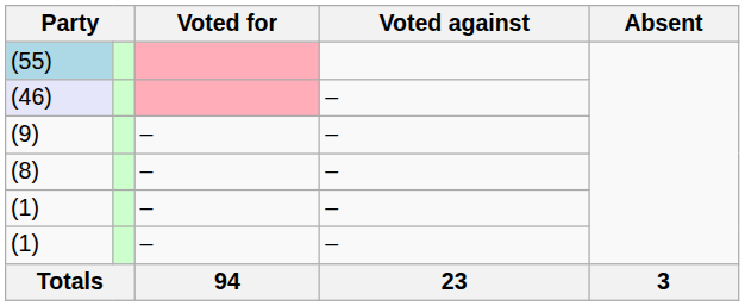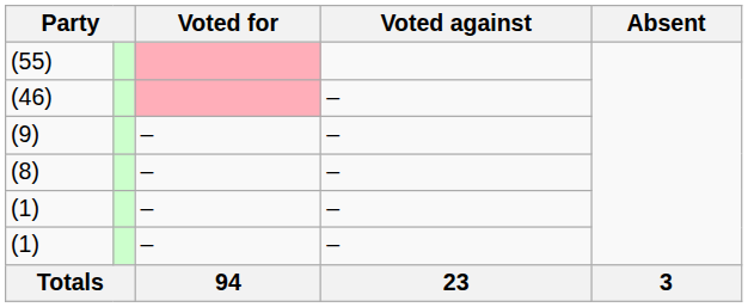 <table class="wikitable" style="width:40%;">
 <tr>
 <th colspan="2">Party</th>
 <th>Voted for</th>
 <th>Voted against</th>
 <th>Absent</th>
 </tr>
 <tr>
-<td style="background: lightblue;"> (55)</td>
+<td> (55)</td>
 <td style="background-color:#CCFFCC;"></td>
 <td style="background-color:#FFAEB9;"></td>
 <td></td>
 </tr>
 <tr>
-<td style="background: lavender;"> (46)</td>
+<td> (46)</td>
 <td style="background-color:#CCFFCC;"></td>
 <td style="background-color:#FFAEB9;"></td>
 <td>–</td>
 </tr>
 <tr>
 <td> (9)</td>
 <td style="background-color:#CCFFCC;"></td>
 <td>–</td>
 <td>–</td>
 </tr>
 <tr>
 <td> (8)</td>
 <td style="background-color:#CCFFCC;"></td>
 <td>–</td>
 <td>–</td>
 </tr>
 <tr>
 <td> (1)</td>
 <td style="background-color:#CCFFCC;"></td>
 <td>–</td>
 <td>–</td>
 </tr>
 <tr>
 <td> (1)</td>
 <td style="background-color:#CCFFCC;"></td>
 <td>–</td>
 <td>–</td>
 </tr>
 <tr>
 <th colspan=2>Totals</th>
 <th>94</th>
 <th>23</th>
 <th>3</th>
 </tr>
 </table>
